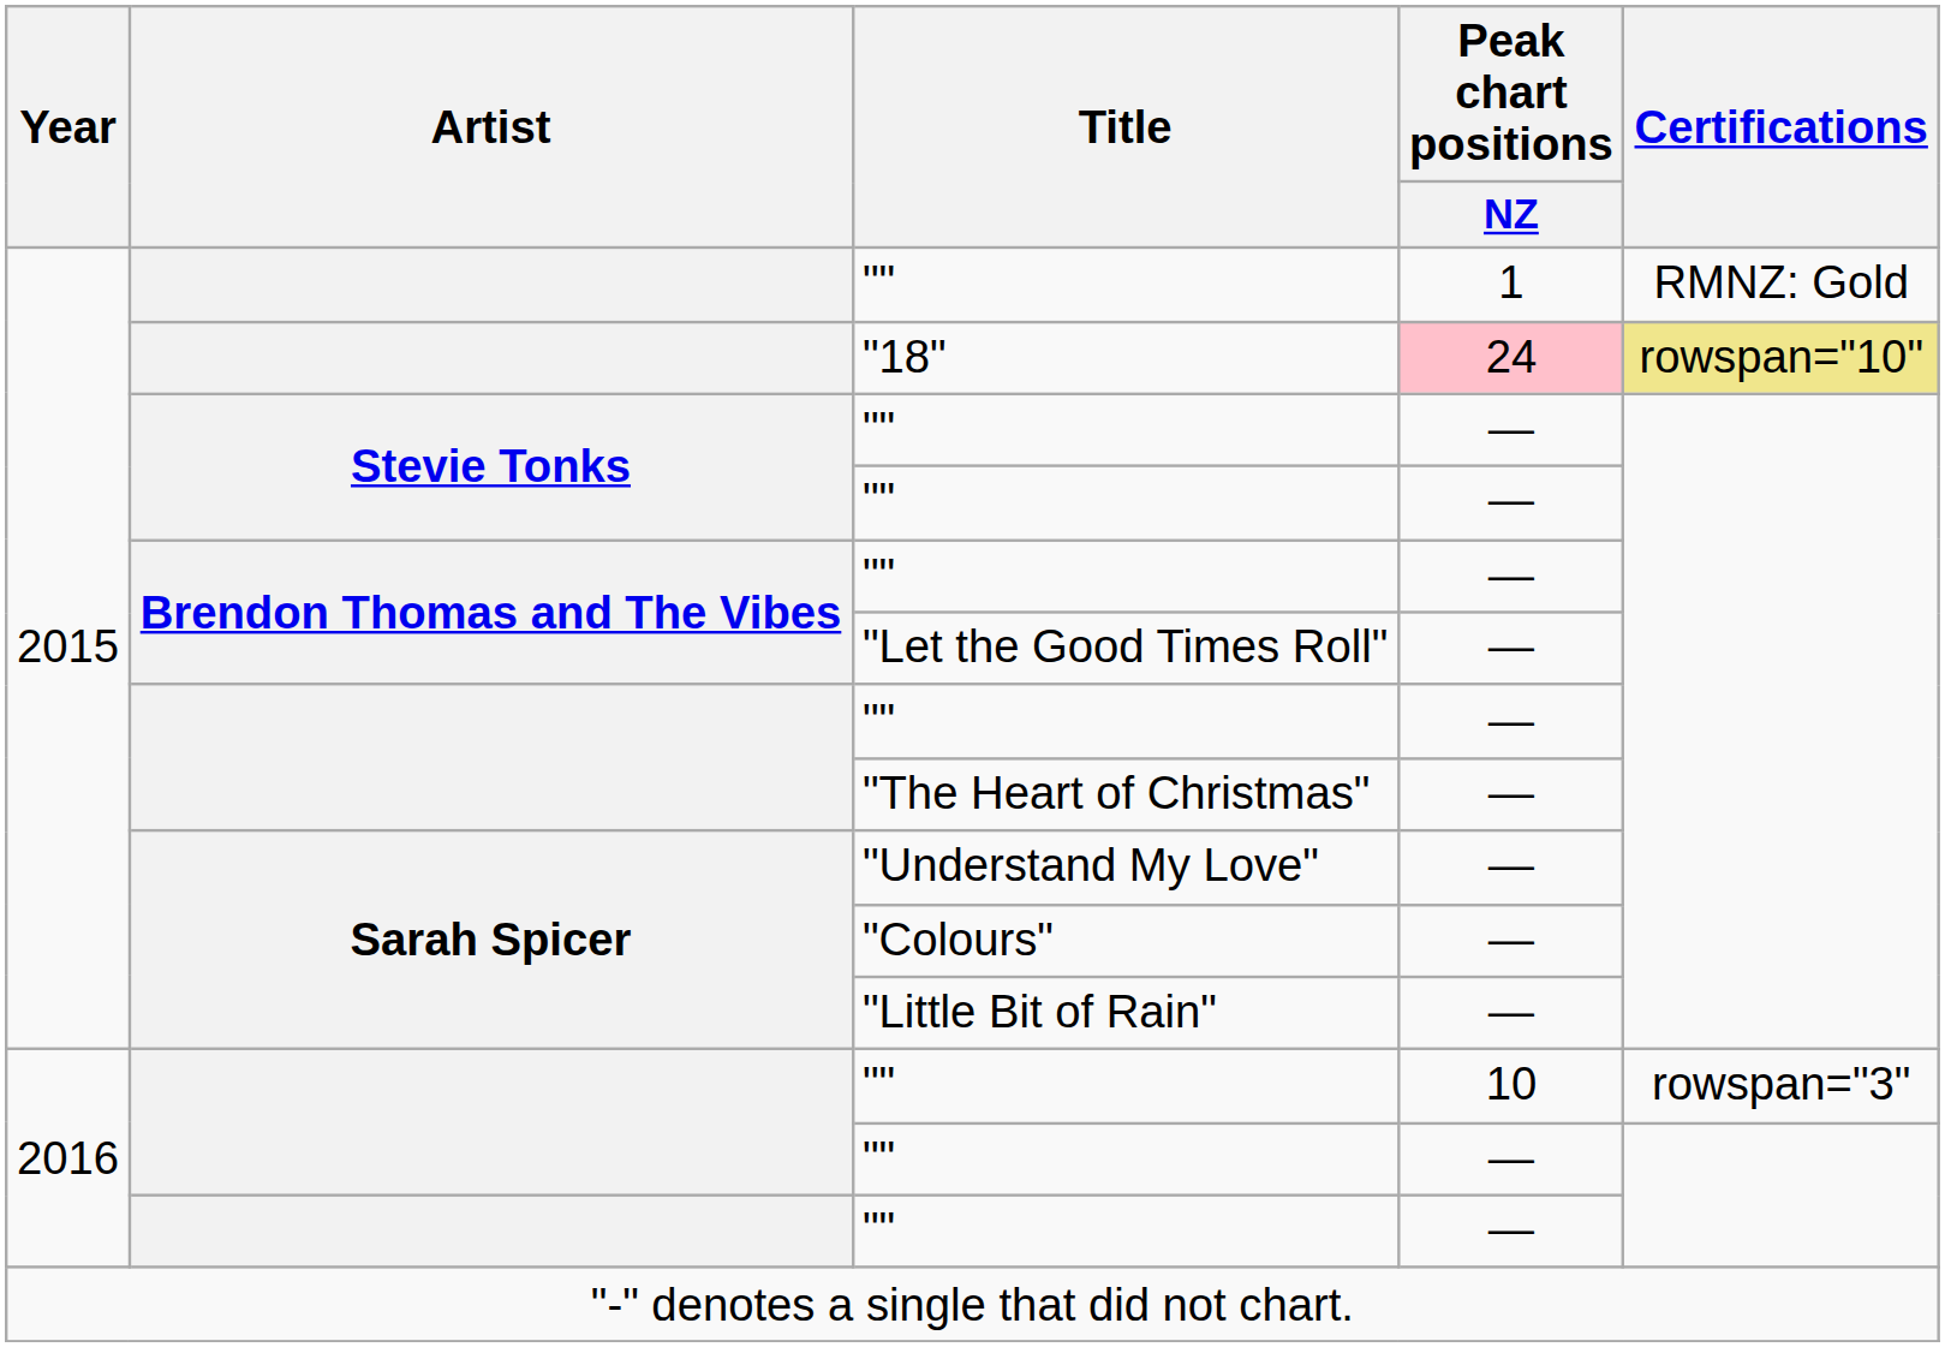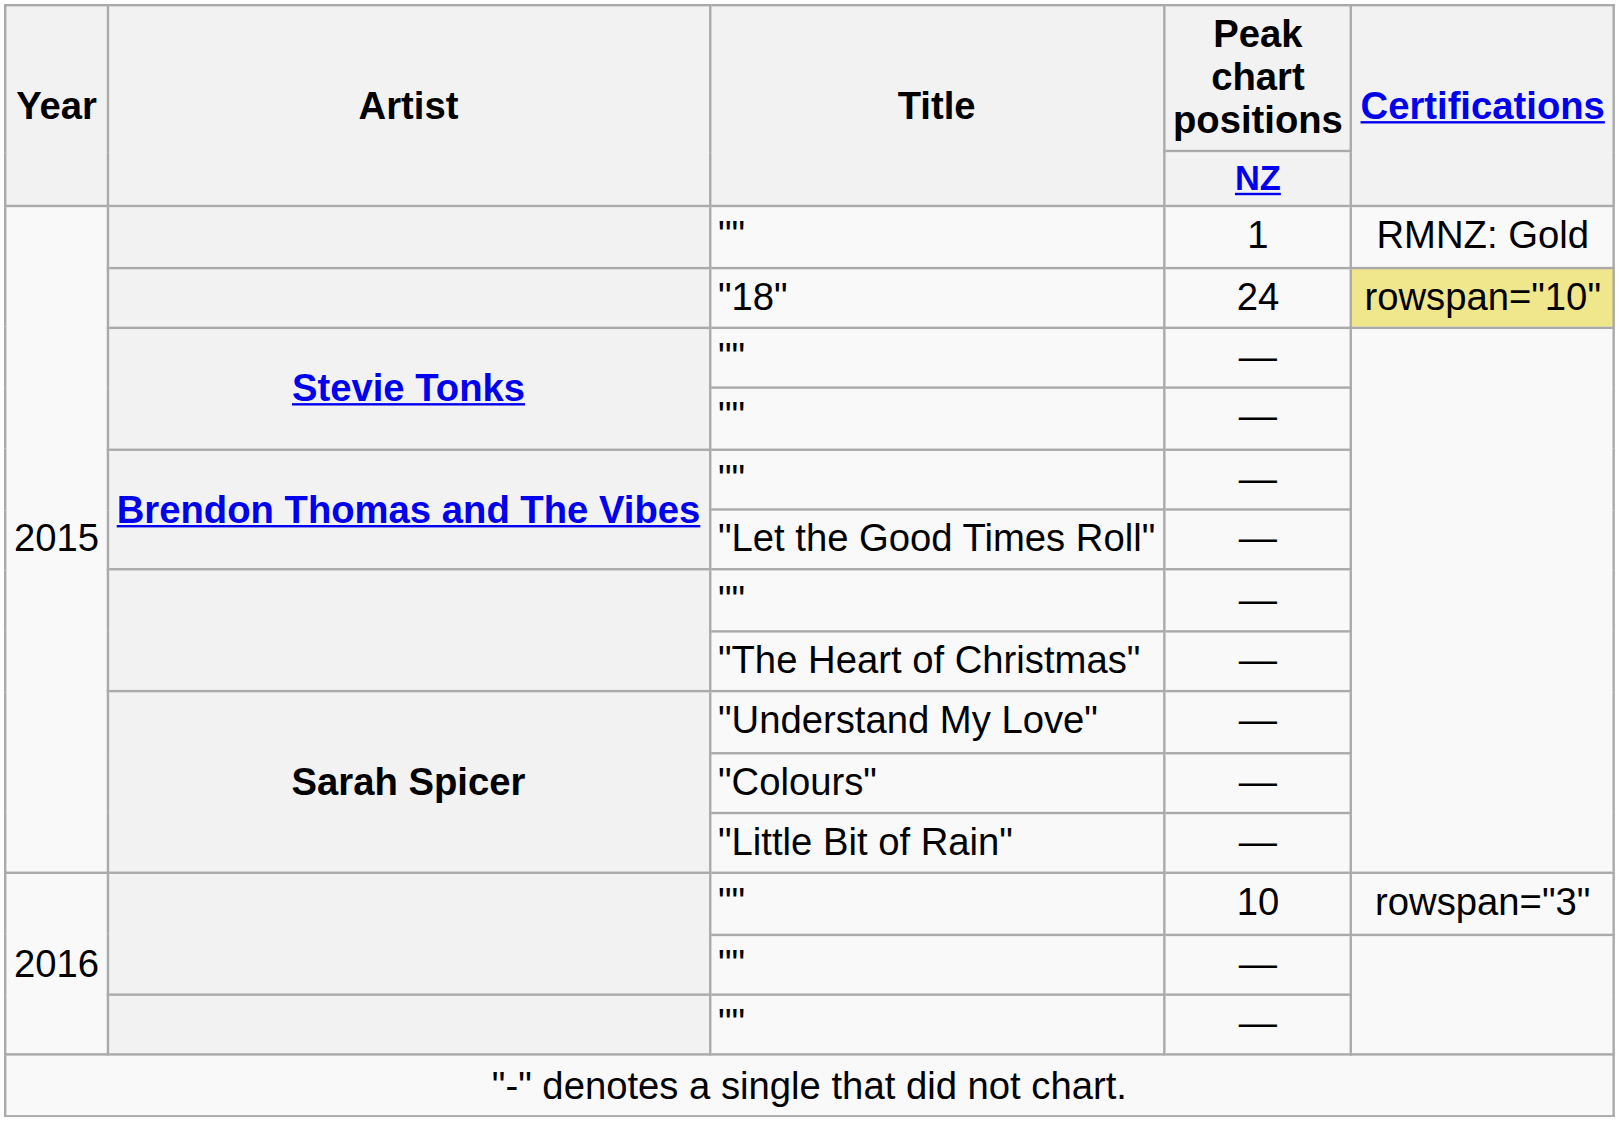 <table class="wikitable plainrowheaders" style="text-align:center;">
 <tr>
 <th scope="col" rowspan="2">Year</th>
 <th scope="col" rowspan="2">Artist</th>
 <th scope="col" rowspan="2">Title</th>
 <th scope="col" colspan="1">Peak chart positions</th>
 <th scope="col" rowspan="2"><a href='#'>Certifications</a></th>
 </tr>
 <tr>
 <th scope="col" style="width:3em;font-size:90%;"><a href='#'>NZ</a><br></th>
 </tr>
 <tr>
 <td rowspan="11">2015</td>
 <th scope="row"></th>
 <td style="text-align:left;">""</td>
 <td>1</td>
 <td>RMNZ: Gold</td>
 </tr>
 <tr>
 <th scope="row"></th>
 <td style="text-align:left;">"18"</td>
-<td style="background: pink;">24</td>
+<td>24</td>
 <td style="background: khaki;">rowspan="10" </td>
 </tr>
 <tr>
 <th scope="row" rowspan="2"><a href='#'>Stevie Tonks</a></th>
 <td style="text-align:left;">""</td>
 <td align="center">—</td>
 </tr>
 <tr>
 <td style="text-align:left;">""</td>
 <td align="center">—</td>
 </tr>
 <tr>
 <th scope="row" rowspan="2"><a href='#'>Brendon Thomas and The Vibes</a></th>
 <td style="text-align:left;">""</td>
 <td align="center">—</td>
 </tr>
 <tr>
 <td style="text-align:left;">"Let the Good Times Roll"</td>
 <td align="center">—</td>
 </tr>
 <tr>
 <th scope="row" rowspan="2"></th>
 <td style="text-align:left;">""</td>
 <td>—</td>
 </tr>
 <tr>
 <td style="text-align:left;">"The Heart of Christmas"</td>
 <td>—</td>
 </tr>
 <tr>
 <th scope="row" rowspan="3">Sarah Spicer</th>
 <td style="text-align:left;">"Understand My Love"</td>
 <td align="center">—</td>
 </tr>
 <tr>
 <td style="text-align:left;">"Colours"</td>
 <td align="center">—</td>
 </tr>
 <tr>
 <td style="text-align:left;">"Little Bit of Rain"</td>
 <td align="center">—</td>
 </tr>
 <tr>
 <td rowspan="3">2016</td>
 <th scope="row" rowspan="2"></th>
 <td style="text-align:left;">""</td>
 <td>10</td>
 <td>rowspan="3"  </td>
 </tr>
 <tr>
 <td style="text-align:left;">""</td>
 <td>—</td>
 </tr>
 <tr>
 <th scope="row"></th>
 <td style="text-align:left;">""</td>
 <td>—</td>
 </tr>
 <tr>
 <td colspan="6" style="font-size90%" align="center">"-" denotes a single that did not chart.</td>
 </tr>
 <tr>
 </tr>
 </table>
